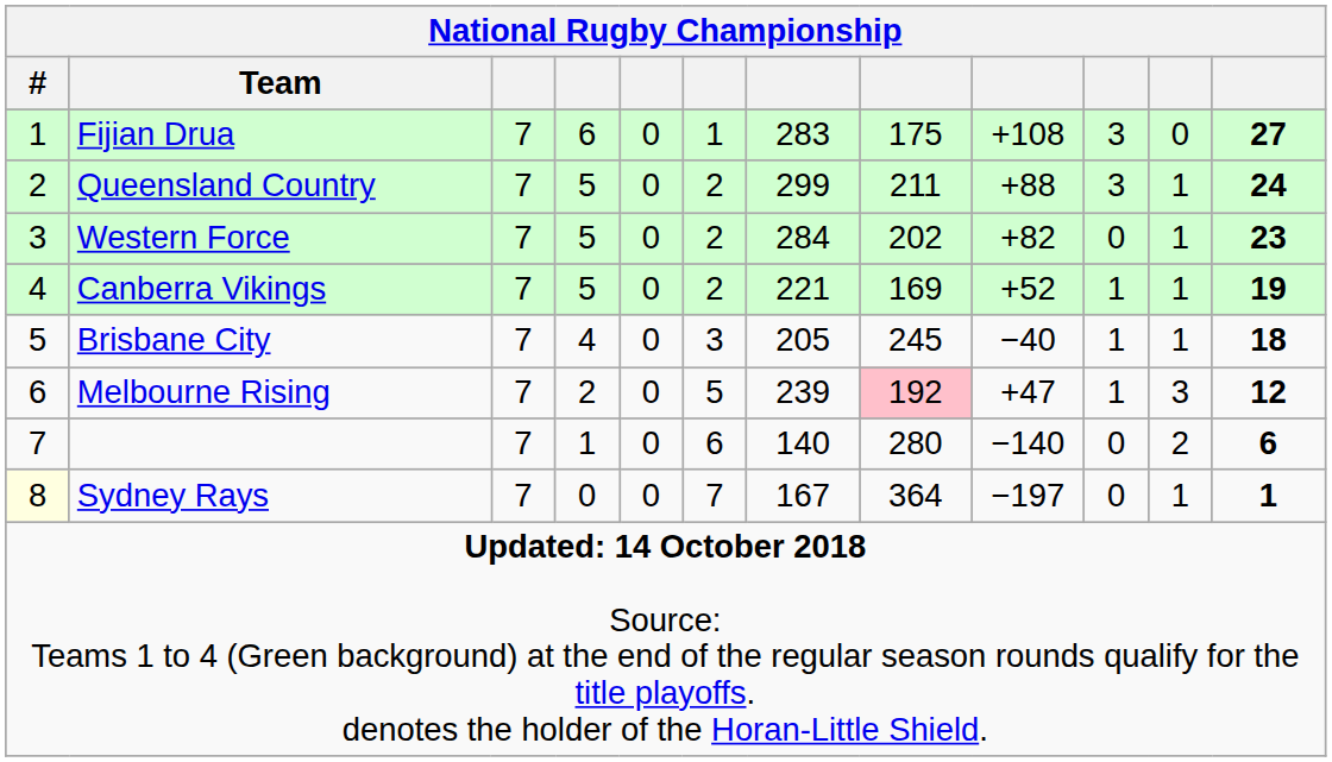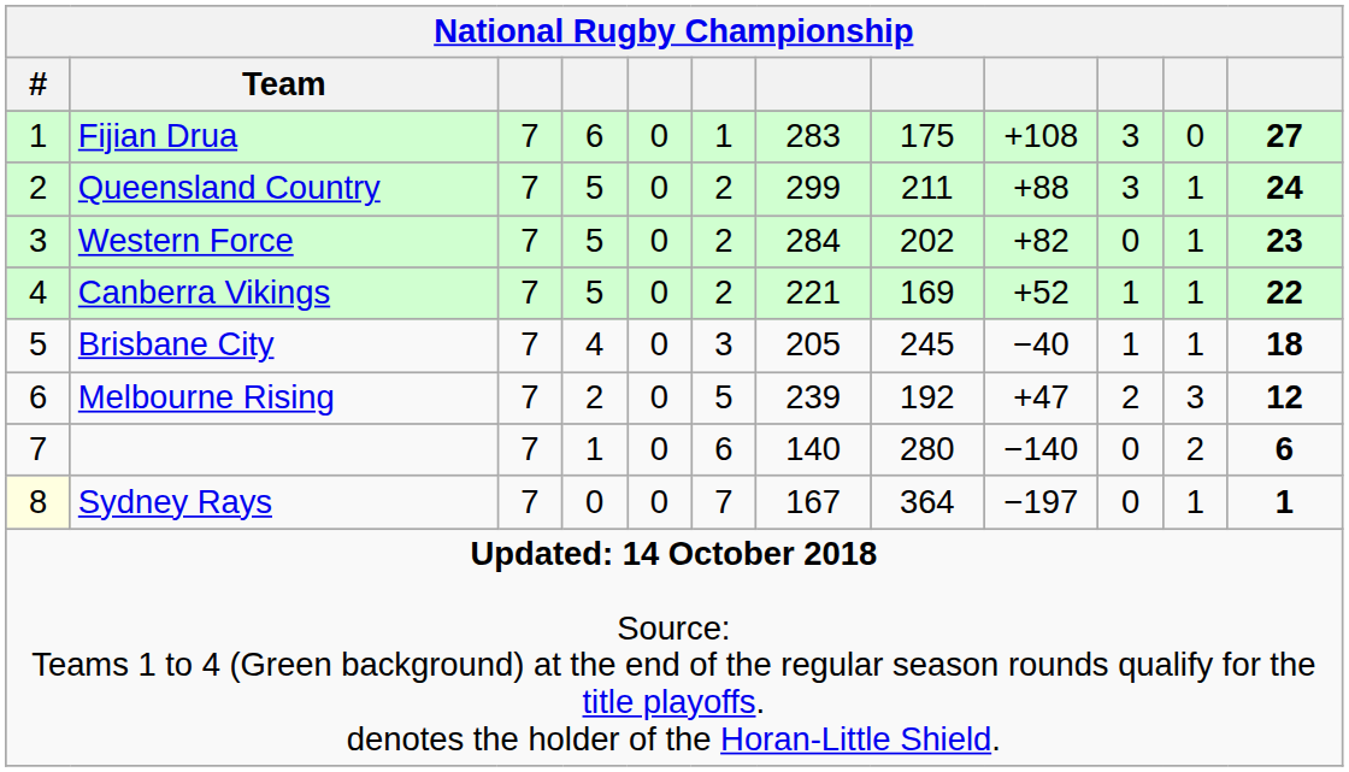 <table class="wikitable" style="text-align:center">
 <tr>
 <th colspan="12"><a href='#'>National Rugby Championship</a></th>
 </tr>
 <tr>
 <th style="width:1.5em;">#</th>
 <th style="width:12.5em;">Team</th>
 <th style="width:1.5em;"></th>
 <th style="width:1.5em;"></th>
 <th style="width:1.5em;"></th>
 <th style="width:1.5em;"></th>
 <th style="width:3.0em;"></th>
 <th style="width:3.0em;"></th>
 <th style="width:3.0em;"></th>
 <th style="width:1.5em;"></th>
 <th style="width:1.5em;"></th>
 <th style="width:3.0em;"><br></th>
 </tr>
 <tr bgcolor=#d0ffd0>
 <td>1</td>
 <td style="text-align:left;"> <a href='#'>Fijian Drua</a> </td>
 <td>7</td>
 <td>6</td>
 <td>0</td>
 <td>1</td>
 <td>283</td>
 <td>175</td>
 <td>+108</td>
 <td>3</td>
 <td>0</td>
 <td><strong>27</strong></td>
 </tr>
 <tr bgcolor=#d0ffd0>
 <td>2</td>
 <td style="text-align:left;"> <a href='#'>Queensland Country</a></td>
 <td>7</td>
 <td>5</td>
 <td>0</td>
 <td>2</td>
 <td>299</td>
 <td>211</td>
 <td>+88</td>
 <td>3</td>
 <td>1</td>
 <td><strong>24</strong></td>
 </tr>
 <tr bgcolor=#d0ffd0>
 <td>3</td>
 <td style="text-align:left;"> <a href='#'>Western Force</a></td>
 <td>7</td>
 <td>5</td>
 <td>0</td>
 <td>2</td>
 <td>284</td>
 <td>202</td>
 <td>+82</td>
 <td>0</td>
 <td>1</td>
 <td><strong>23</strong></td>
 </tr>
 <tr bgcolor=#d0ffd0>
 <td>4</td>
 <td style="text-align:left;"> <a href='#'>Canberra Vikings</a></td>
 <td>7</td>
 <td>5</td>
 <td>0</td>
 <td>2</td>
 <td>221</td>
 <td>169</td>
 <td>+52</td>
 <td>1</td>
 <td>1</td>
-<td><strong>19</strong></td>
+<td><strong>22</strong></td>
 </tr>
 <tr>
 <td>5</td>
 <td style="text-align:left;"> <a href='#'>Brisbane City</a></td>
 <td>7</td>
 <td>4</td>
 <td>0</td>
 <td>3</td>
 <td>205</td>
 <td>245</td>
 <td>−40</td>
 <td>1</td>
 <td>1</td>
 <td><strong>18</strong></td>
 </tr>
 <tr>
 <td>6</td>
 <td style="text-align:left;"> <a href='#'>Melbourne Rising</a></td>
 <td>7</td>
 <td>2</td>
 <td>0</td>
 <td>5</td>
 <td>239</td>
-<td style="background: pink;">192</td>
+<td>192</td>
 <td>+47</td>
-<td>1</td>
+<td>2</td>
 <td>3</td>
 <td><strong>12</strong></td>
 </tr>
 <tr>
 <td>7</td>
 <td style="text-align:left;"> </td>
 <td>7</td>
 <td>1</td>
 <td>0</td>
 <td>6</td>
 <td>140</td>
 <td>280</td>
 <td>−140</td>
 <td>0</td>
 <td>2</td>
 <td><strong>6</strong></td>
 </tr>
 <tr>
 <td style="background: lightyellow;">8</td>
 <td style="text-align:left;"> <a href='#'>Sydney Rays</a></td>
 <td>7</td>
 <td>0</td>
 <td>0</td>
 <td>7</td>
 <td>167</td>
 <td>364</td>
 <td>−197</td>
 <td>0</td>
 <td>1</td>
 <td><strong>1</strong></td>
 </tr>
 <tr>
 <td colspan="100%" style="border:0;"><strong>Updated: 14 October 2018</strong> <br><br>Source: <br> Teams 1 to 4 <span>(Green background)</span> at the end of the regular season rounds qualify for the <a href='#'>title playoffs</a>.<br>  denotes the holder of the <a href='#'>Horan-Little Shield</a>.<br></td>
 </tr>
 </table>
